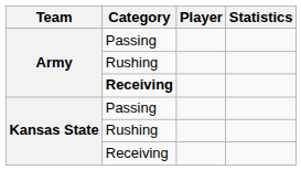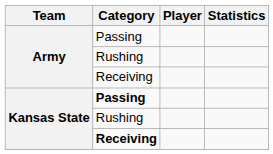 <table class="wikitable" style="float:right">
 <tr>
 <th>Team</th>
 <th>Category</th>
 <th>Player</th>
 <th>Statistics</th>
 </tr>
 <tr>
 <th rowspan=3>Army</th>
 <td>Passing</td>
 <td></td>
 <td></td>
 </tr>
 <tr>
 <td>Rushing</td>
 <td></td>
 <td></td>
 </tr>
 <tr>
-<td><strong>Receiving</strong></td>
+<td>Receiving</td>
 <td></td>
 <td></td>
 </tr>
 <tr>
 <th rowspan=3>Kansas State</th>
-<td>Passing</td>
+<td><strong>Passing</strong></td>
 <td></td>
 <td></td>
 </tr>
 <tr>
 <td>Rushing</td>
 <td></td>
 <td></td>
 </tr>
 <tr>
-<td>Receiving</td>
+<td><strong>Receiving</strong></td>
 <td></td>
 <td></td>
 </tr>
 </table>
